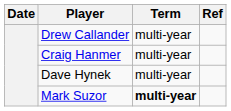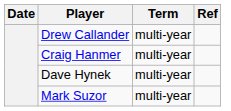 <table class="wikitable plainrowheaders">
 <tr>
 <th>Date</th>
 <th>Player</th>
 <th>Term</th>
 <th>Ref</th>
 </tr>
 <tr>
 <th scope="row" rowspan="4"></th>
 <td><a href='#'>Drew Callander</a></td>
 <td>multi-year</td>
 <td></td>
 </tr>
 <tr>
 <td><a href='#'>Craig Hanmer</a></td>
 <td>multi-year</td>
 <td></td>
 </tr>
 <tr>
 <td>Dave Hynek</td>
 <td>multi-year</td>
 <td></td>
 </tr>
 <tr>
 <td><a href='#'>Mark Suzor</a></td>
-<td><strong>multi-year</strong></td>
+<td>multi-year</td>
 <td></td>
 </tr>
 </table>
